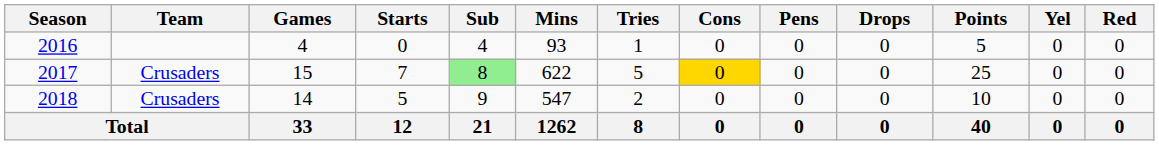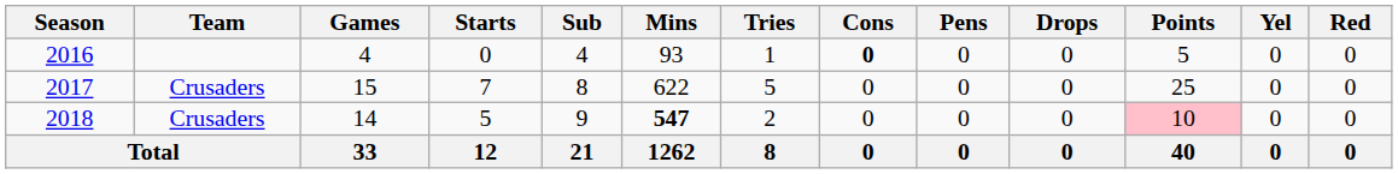 <table class="wikitable" style="text-align:center; line-height:90%; font-size:95%; width:70%;">
 <tr>
 <th>Season</th>
 <th>Team</th>
 <th>Games</th>
 <th>Starts</th>
 <th>Sub</th>
 <th>Mins</th>
 <th>Tries</th>
 <th>Cons</th>
 <th>Pens</th>
 <th>Drops</th>
 <th>Points</th>
 <th>Yel</th>
 <th>Red</th>
 </tr>
 <tr>
 <td><a href='#'>2016</a></td>
 <td></td>
 <td>4</td>
 <td>0</td>
 <td>4</td>
 <td>93</td>
 <td>1</td>
-<td>0</td>
+<td><strong>0</strong></td>
 <td>0</td>
 <td>0</td>
 <td>5</td>
 <td>0</td>
 <td>0</td>
 </tr>
 <tr>
 <td><a href='#'>2017</a></td>
 <td><a href='#'>Crusaders</a></td>
 <td>15</td>
 <td>7</td>
-<td style="background: lightgreen;">8</td>
+<td>8</td>
 <td>622</td>
 <td>5</td>
-<td style="background: gold;">0</td>
+<td>0</td>
 <td>0</td>
 <td>0</td>
 <td>25</td>
 <td>0</td>
 <td>0</td>
 </tr>
 <tr>
 <td><a href='#'>2018</a></td>
 <td><a href='#'>Crusaders</a></td>
 <td>14</td>
 <td>5</td>
 <td>9</td>
-<td>547</td>
+<td><strong>547</strong></td>
 <td>2</td>
 <td>0</td>
 <td>0</td>
 <td>0</td>
-<td>10</td>
+<td style="background: pink;">10</td>
 <td>0</td>
 <td>0</td>
 </tr>
 <tr>
 <th colspan="2">Total</th>
 <th>33</th>
 <th>12</th>
 <th>21</th>
 <th>1262</th>
 <th>8</th>
 <th>0</th>
 <th>0</th>
 <th>0</th>
 <th>40</th>
 <th>0</th>
 <th>0</th>
 </tr>
 </table>
